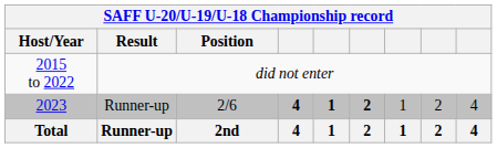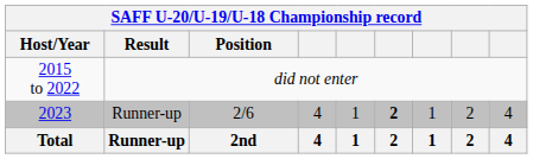 <table class="wikitable collapsible" style="text-align: center;">
 <tr>
 <th colspan="9" style="color: #0000FF;"><a href='#'>SAFF U-20/U-19/U-18 Championship record</a></th>
 </tr>
 <tr>
 <th width="90">Host/Year</th>
 <th>Result</th>
 <th width="100">Position</th>
 <th width="30"></th>
 <th width="30"></th>
 <th width="30"></th>
 <th width="30"></th>
 <th width="30"></th>
 <th width="30"></th>
 </tr>
 <tr>
 <td> <a href='#'>2015</a><br>to  <a href='#'>2022</a></td>
 <td colspan="8"><em>did not enter</em></td>
 </tr>
 <tr bgcolor=silver>
 <td> <a href='#'>2023</a></td>
 <td>Runner-up</td>
 <td>2/6</td>
-<td><strong>4</strong></td>
-<td><strong>1</strong></td>
+<td>4</td>
+<td>1</td>
 <td><strong>2</strong></td>
 <td>1</td>
 <td>2</td>
 <td>4</td>
 </tr>
 <tr>
 <th>Total</th>
 <th>Runner-up</th>
 <th>2nd</th>
 <th>4</th>
 <th>1</th>
 <th>2</th>
 <th>1</th>
 <th>2</th>
 <th>4</th>
 </tr>
 </table>
